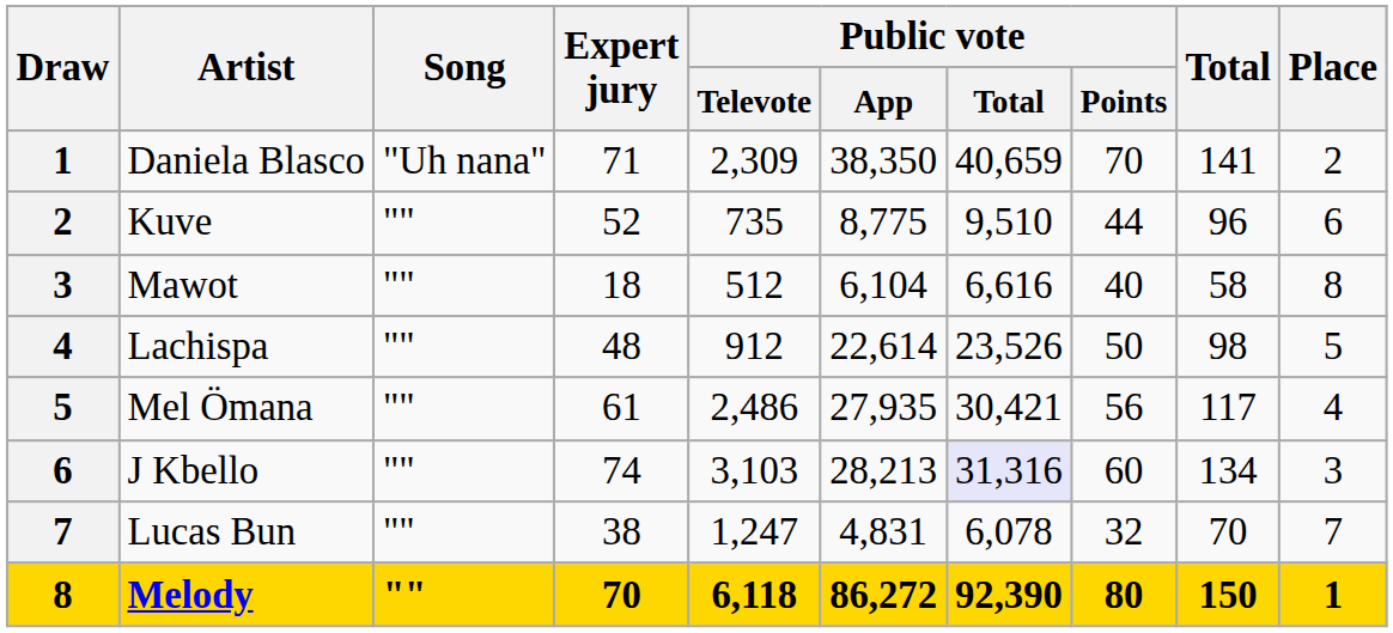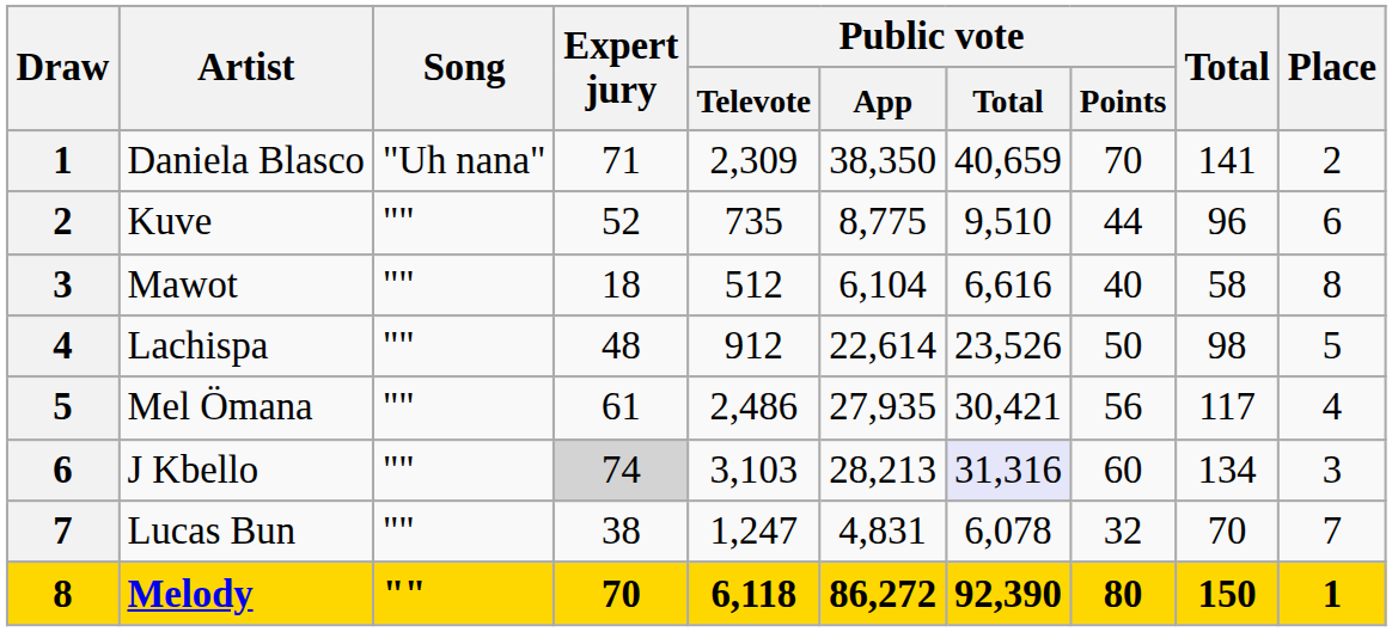 <table class="sortable wikitable plainrowheaders" style="margin: 1em auto 1em auto; text-align:center;">
 <tr>
 <th rowspan="2">Draw</th>
 <th rowspan="2">Artist</th>
 <th rowspan="2">Song</th>
 <th rowspan="2">Expert<br>jury</th>
 <th colspan="4">Public vote</th>
 <th rowspan="2">Total</th>
 <th rowspan="2">Place</th>
 </tr>
 <tr>
 <th><small>Televote</small></th>
 <th><small>App</small></th>
 <th><small>Total</small></th>
 <th><small>Points</small></th>
 </tr>
 <tr>
 <th scope="row" style="text-align:center;">1</th>
 <td align="left">Daniela Blasco</td>
 <td align="left">"Uh nana"</td>
 <td>71</td>
 <td>2,309</td>
 <td>38,350</td>
 <td>40,659</td>
 <td>70</td>
 <td>141</td>
 <td>2</td>
 </tr>
 <tr>
 <th scope="row" style="text-align:center;">2</th>
 <td align="left">Kuve</td>
 <td align="left">""</td>
 <td>52</td>
 <td>735</td>
 <td>8,775</td>
 <td>9,510</td>
 <td>44</td>
 <td>96</td>
 <td>6</td>
 </tr>
 <tr>
 <th scope="row" style="text-align:center;">3</th>
 <td align="left">Mawot</td>
 <td align="left">""</td>
 <td>18</td>
 <td>512</td>
 <td>6,104</td>
 <td>6,616</td>
 <td>40</td>
 <td>58</td>
 <td>8</td>
 </tr>
 <tr>
 <th scope="row" style="text-align:center;">4</th>
 <td align="left">Lachispa</td>
 <td align="left">""</td>
 <td>48</td>
 <td>912</td>
 <td>22,614</td>
 <td>23,526</td>
 <td>50</td>
 <td>98</td>
 <td>5</td>
 </tr>
 <tr>
 <th scope="row" style="text-align:center;">5</th>
 <td align="left">Mel Ömana</td>
 <td align="left">""</td>
 <td>61</td>
 <td>2,486</td>
 <td>27,935</td>
 <td>30,421</td>
 <td>56</td>
 <td>117</td>
 <td>4</td>
 </tr>
 <tr>
 <th scope="row" style="text-align:center;">6</th>
 <td align="left">J Kbello</td>
 <td align="left">""</td>
-<td>74</td>
+<td style="background: lightgrey;">74</td>
 <td>3,103</td>
 <td>28,213</td>
 <td style="background: lavender;">31,316</td>
 <td>60</td>
 <td>134</td>
 <td>3</td>
 </tr>
 <tr>
 <th scope="row" style="text-align:center;">7</th>
 <td align="left">Lucas Bun</td>
 <td align="left">""</td>
 <td>38</td>
 <td>1,247</td>
 <td>4,831</td>
 <td>6,078</td>
 <td>32</td>
 <td>70</td>
 <td>7</td>
 </tr>
 <tr style="font-weight:bold; background:gold;">
 <th scope="row" style="text-align:center; font-weight:bold; background:gold;">8</th>
 <td align="left"><a href='#'>Melody</a></td>
 <td align="left">""</td>
 <td>70</td>
 <td>6,118</td>
 <td>86,272</td>
 <td>92,390</td>
 <td>80</td>
 <td>150</td>
 <td>1</td>
 </tr>
 </table>
